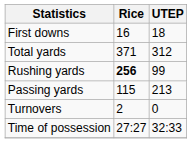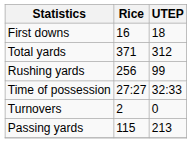 <table class="wikitable" style="float: right;">
 <tr>
 <th>Statistics</th>
 <th>Rice</th>
 <th>UTEP</th>
 </tr>
 <tr>
 <td>First downs</td>
 <td>16</td>
 <td>18</td>
 </tr>
 <tr>
 <td>Total yards</td>
 <td>371</td>
 <td>312</td>
 </tr>
 <tr>
 <td>Rushing yards</td>
-<td><strong>256</strong></td>
+<td>256</td>
 <td>99</td>
+</tr>
+<tr>
+<td>Time of possession</td>
+<td>27:27</td>
+<td>32:33</td>
+</tr>
+<tr>
+<td>Turnovers</td>
+<td>2</td>
+<td>0</td>
 </tr>
 <tr>
 <td>Passing yards</td>
 <td>115</td>
 <td>213</td>
 </tr>
 <tr>
-<td>Turnovers</td>
-<td>2</td>
-<td>0</td>
-</tr>
-<tr>
-<td>Time of possession</td>
-<td>27:27</td>
-<td>32:33</td>
-</tr>
-<tr>
 </tr>
 </table>
